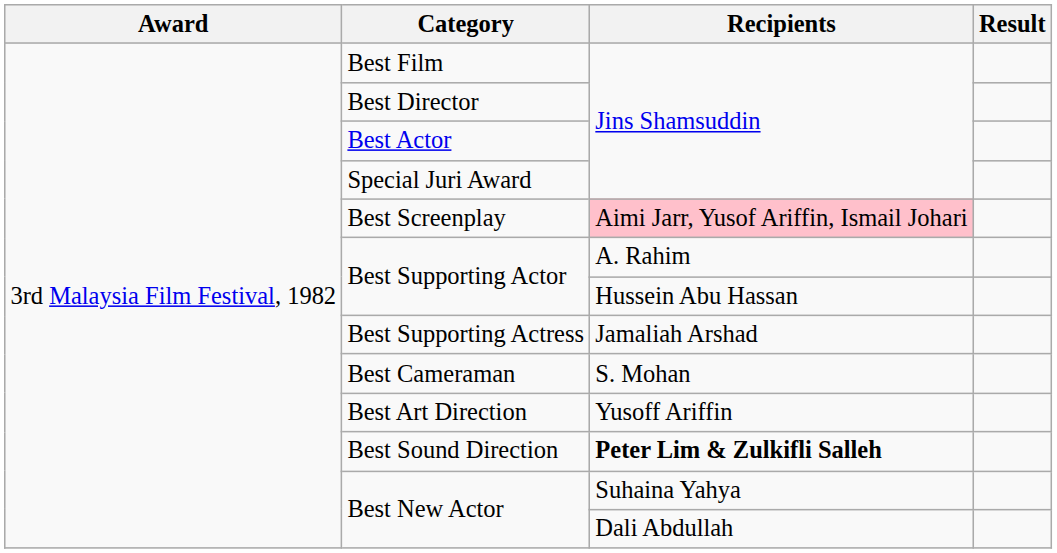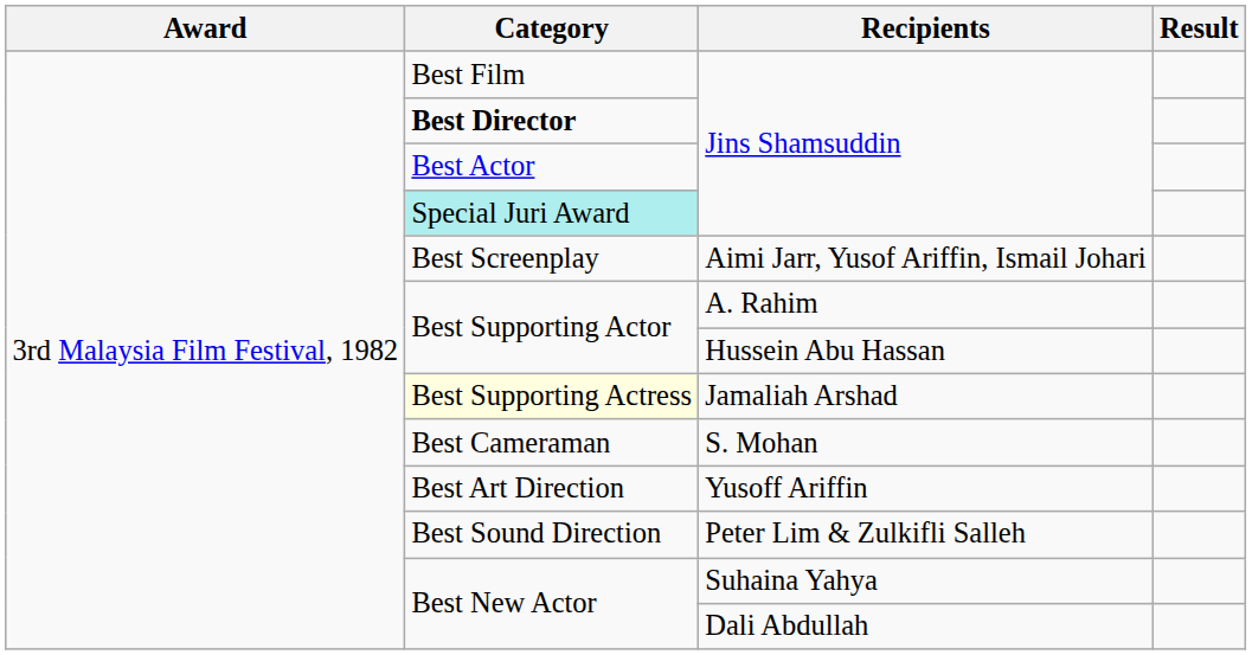 <table class="wikitable">
 <tr>
 <th>Award</th>
 <th>Category</th>
 <th>Recipients</th>
 <th>Result</th>
 </tr>
 <tr>
 <td rowspan="13">3rd <a href='#'>Malaysia Film Festival</a>, 1982</td>
 <td>Best Film</td>
 <td rowspan="4"><a href='#'>Jins Shamsuddin</a></td>
 <td></td>
 </tr>
 <tr>
-<td>Best Director</td>
+<td><strong>Best Director</strong></td>
 <td></td>
 </tr>
 <tr>
 <td><a href='#'>Best Actor</a></td>
 <td></td>
 </tr>
 <tr>
-<td>Special Juri Award</td>
+<td style="background: paleturquoise;">Special Juri Award</td>
 <td></td>
 </tr>
 <tr>
 <td>Best Screenplay</td>
-<td style="background: pink;">Aimi Jarr, Yusof Ariffin, Ismail Johari</td>
+<td>Aimi Jarr, Yusof Ariffin, Ismail Johari</td>
 <td></td>
 </tr>
 <tr>
 <td rowspan="2">Best Supporting Actor</td>
 <td>A. Rahim</td>
 <td></td>
 </tr>
 <tr>
 <td>Hussein Abu Hassan</td>
 <td></td>
 </tr>
 <tr>
-<td>Best Supporting Actress</td>
+<td style="background: lightyellow;">Best Supporting Actress</td>
 <td>Jamaliah Arshad</td>
 <td></td>
 </tr>
 <tr>
 <td>Best Cameraman</td>
 <td>S. Mohan</td>
 <td></td>
 </tr>
 <tr>
 <td>Best Art Direction</td>
 <td>Yusoff Ariffin</td>
 <td></td>
 </tr>
 <tr>
 <td>Best Sound Direction</td>
-<td><strong>Peter Lim & Zulkifli Salleh</strong></td>
+<td>Peter Lim & Zulkifli Salleh</td>
 <td></td>
 </tr>
 <tr>
 <td rowspan="2">Best New Actor</td>
 <td>Suhaina Yahya</td>
 <td></td>
 </tr>
 <tr>
 <td>Dali Abdullah</td>
 <td></td>
 </tr>
 </table>
